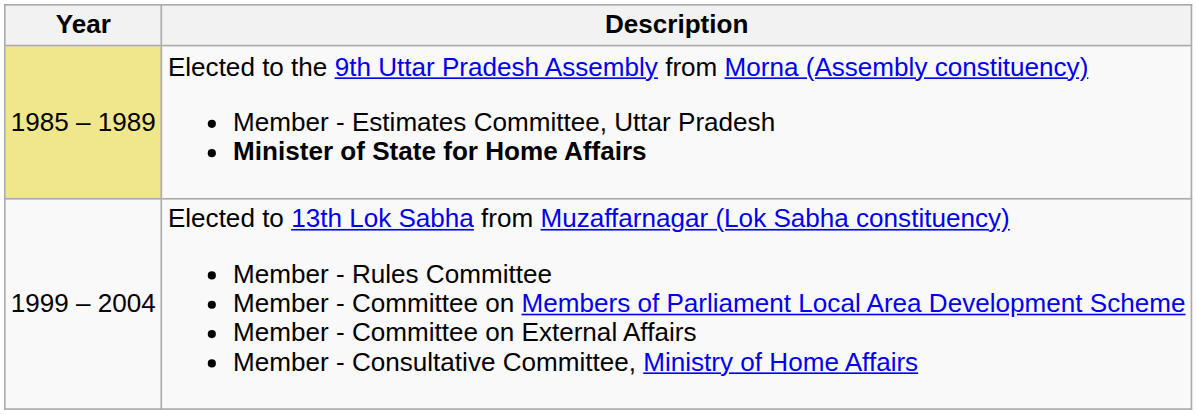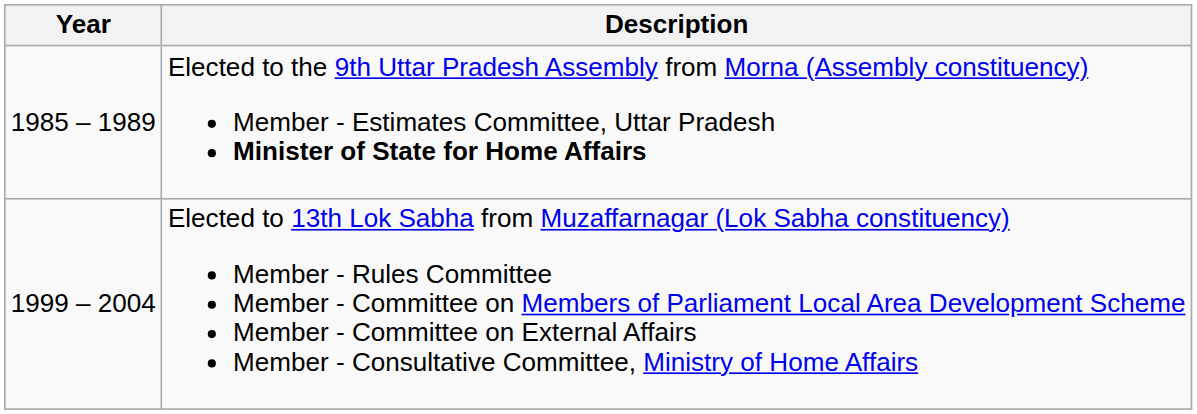 <table class="wikitable">
 <tr>
 <th>Year</th>
 <th>Description</th>
 </tr>
 <tr>
-<td style="background: khaki;">1985 – 1989</td>
+<td>1985 – 1989</td>
 <td>Elected to the <a href='#'>9th Uttar Pradesh Assembly</a> from <a href='#'>Morna (Assembly constituency)</a><br><ul><li>Member - Estimates Committee, Uttar Pradesh</li><li><strong>Minister of State for Home Affairs</strong></li></ul></td>
 </tr>
 <tr>
 <td>1999 – 2004</td>
 <td>Elected to <a href='#'>13th Lok Sabha</a> from <a href='#'>Muzaffarnagar (Lok Sabha constituency)</a><br><ul><li>Member - Rules Committee</li><li>Member - Committee on <a href='#'>Members of Parliament Local Area Development Scheme</a></li><li>Member - Committee on External Affairs</li><li>Member - Consultative Committee, <a href='#'>Ministry of Home Affairs</a></li></ul></td>
 </tr>
 </table>
